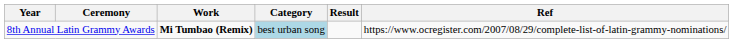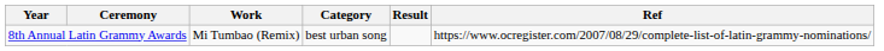 <table class="wikitable sortable">
 <tr>
 <th>Year</th>
 <th>Ceremony</th>
 <th>Work</th>
 <th>Category</th>
 <th>Result</th>
 <th>Ref</th>
 </tr>
 <tr>
 <td colspan="2" rowspan="1"><a href='#'>8th Annual Latin Grammy Awards</a></td>
-<td rowspan="1"><strong>Mi Tumbao (Remix)</strong></td>
-<td style="background: lightblue;">best urban song</td>
+<td rowspan="1">Mi Tumbao (Remix)</td>
+<td>best urban song</td>
 <td></td>
 <td rowspan="1">https://www.ocregister.com/2007/08/29/complete-list-of-latin-grammy-nominations/</td>
 </tr>
 </table>
